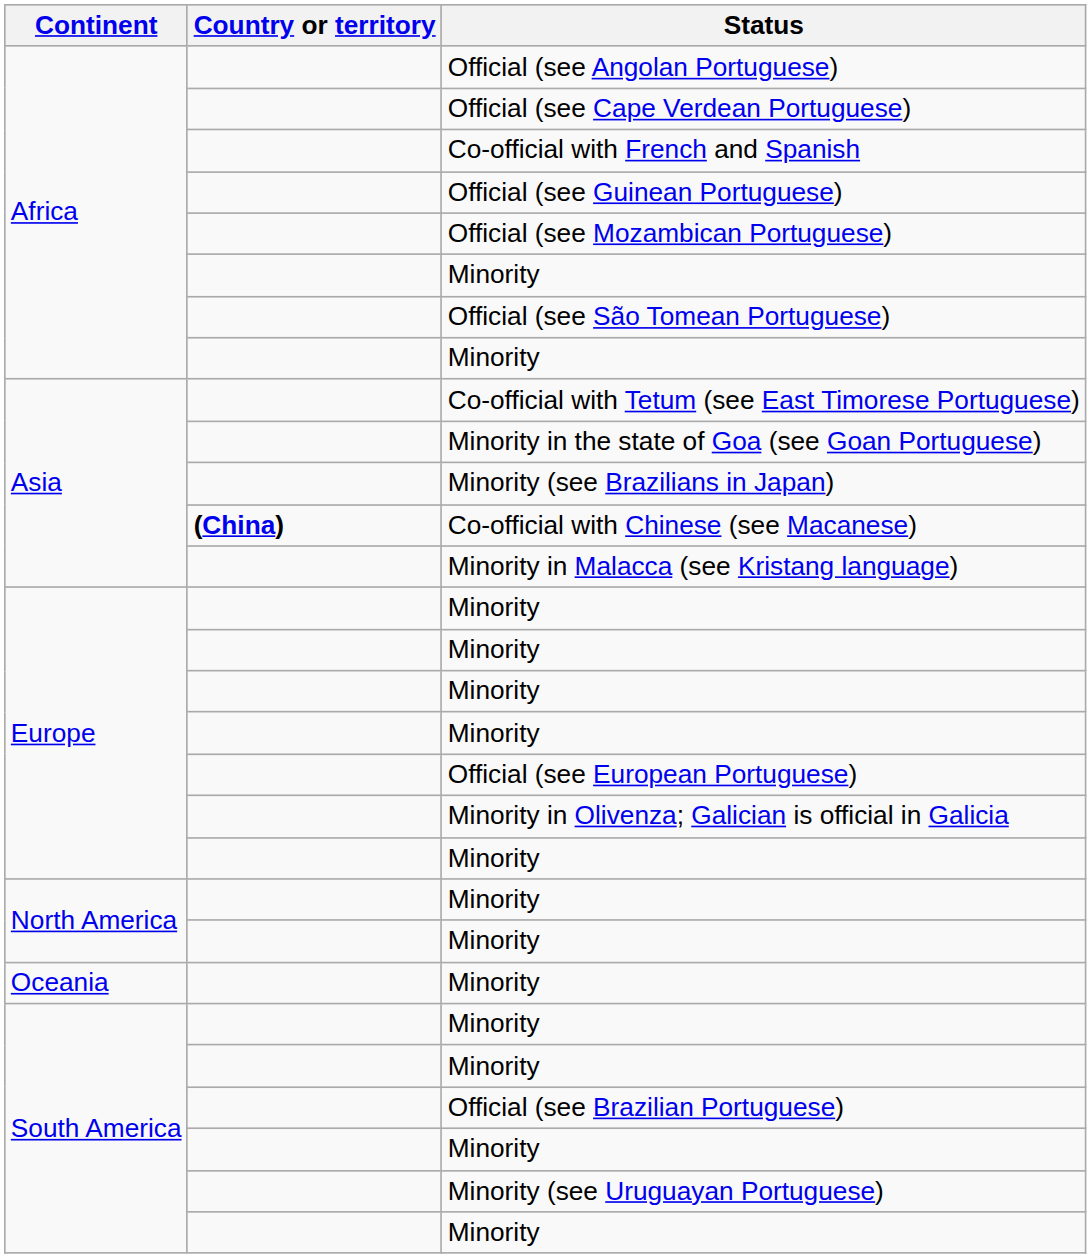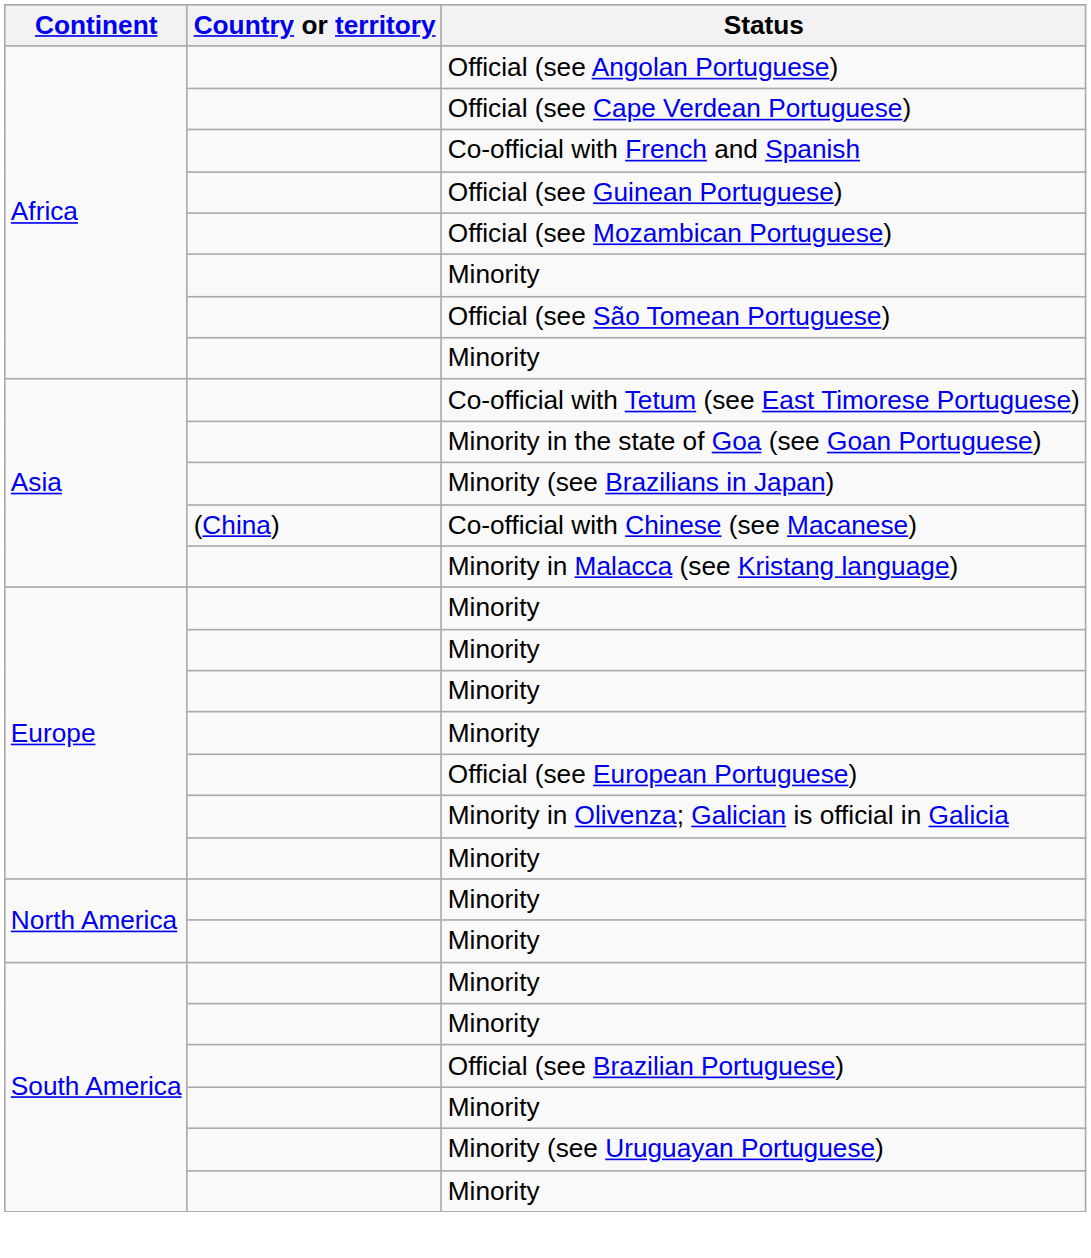 <table class="wikitable sortable">
 <tr>
 <th scope="col"><a href='#'>Continent</a></th>
 <th scope="col"><a href='#'>Country</a> or <a href='#'>territory</a></th>
 <th scope="col">Status</th>
 </tr>
 <tr>
 <td rowspan="8"><a href='#'>Africa</a></td>
 <td></td>
 <td>Official (see <a href='#'>Angolan Portuguese</a>)</td>
 </tr>
 <tr>
 <td></td>
 <td>Official (see <a href='#'>Cape Verdean Portuguese</a>)</td>
 </tr>
 <tr>
 <td></td>
 <td>Co-official with <a href='#'>French</a> and <a href='#'>Spanish</a></td>
 </tr>
 <tr>
 <td></td>
 <td>Official (see <a href='#'>Guinean Portuguese</a>)</td>
 </tr>
 <tr>
 <td></td>
 <td>Official (see <a href='#'>Mozambican Portuguese</a>)</td>
 </tr>
 <tr>
 <td></td>
 <td>Minority</td>
 </tr>
 <tr>
 <td></td>
 <td>Official (see <a href='#'>São Tomean Portuguese</a>)</td>
 </tr>
 <tr>
 <td></td>
 <td>Minority</td>
 </tr>
 <tr>
 <td rowspan="5"><a href='#'>Asia</a></td>
 <td></td>
 <td>Co-official with <a href='#'>Tetum</a> (see <a href='#'>East Timorese Portuguese</a>)</td>
 </tr>
 <tr>
 <td></td>
 <td>Minority in the state of <a href='#'>Goa</a> (see <a href='#'>Goan Portuguese</a>)</td>
 </tr>
 <tr>
 <td></td>
 <td>Minority (see <a href='#'>Brazilians in Japan</a>)</td>
 </tr>
 <tr>
-<td><strong> (<a href='#'>China</a>)</strong></td>
+<td> (<a href='#'>China</a>)</td>
 <td>Co-official with <a href='#'>Chinese</a> (see <a href='#'>Macanese</a>)</td>
 </tr>
 <tr>
 <td></td>
 <td>Minority in <a href='#'>Malacca</a> (see <a href='#'>Kristang language</a>)</td>
 </tr>
 <tr>
 <td rowspan="7"><a href='#'>Europe</a></td>
 <td></td>
 <td>Minority</td>
 </tr>
 <tr>
 <td></td>
 <td>Minority</td>
 </tr>
 <tr>
 <td></td>
 <td>Minority</td>
 </tr>
 <tr>
 <td></td>
 <td>Minority</td>
 </tr>
 <tr>
 <td></td>
 <td>Official (see <a href='#'>European Portuguese</a>)</td>
 </tr>
 <tr>
 <td></td>
 <td>Minority in <a href='#'>Olivenza</a>; <a href='#'>Galician</a> is official in <a href='#'>Galicia</a></td>
 </tr>
 <tr>
 <td></td>
 <td>Minority</td>
 </tr>
 <tr>
 <td rowspan="2"><a href='#'>North America</a></td>
 <td></td>
 <td>Minority</td>
 </tr>
 <tr>
 <td></td>
 <td>Minority</td>
 </tr>
 <tr>
-<td><a href='#'>Oceania</a></td>
-<td></td>
-<td>Minority</td>
-</tr>
-<tr>
 <td rowspan="6”"><a href='#'>South America</a></td>
 <td></td>
 <td>Minority</td>
 </tr>
 <tr>
 <td></td>
 <td>Minority</td>
 </tr>
 <tr>
 <td></td>
 <td>Official (see <a href='#'>Brazilian Portuguese</a>)</td>
 </tr>
 <tr>
 <td></td>
 <td>Minority</td>
 </tr>
 <tr>
 <td></td>
 <td>Minority (see <a href='#'>Uruguayan Portuguese</a>)</td>
 </tr>
 <tr>
 <td></td>
 <td>Minority</td>
 </tr>
 </table>
